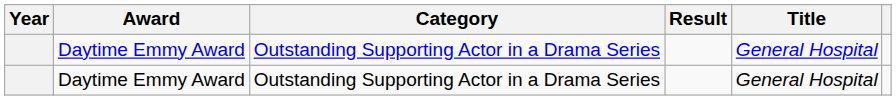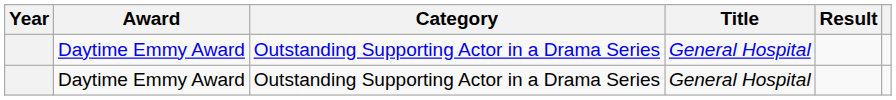 <table class="wikitable sortable plainrowheaders">
 <tr>
 <th scope="col">Year</th>
 <th scope="col">Award</th>
 <th scope="col">Category</th>
+<th scope="col">Title</th>
 <th scope="col">Result</th>
-<th scope="col">Title</th>
 <th scope="col" class="unsortable"></th>
 </tr>
 <tr>
 <th scope="row"></th>
 <td><a href='#'>Daytime Emmy Award</a></td>
 <td><a href='#'>Outstanding Supporting Actor in a Drama Series</a></td>
+<td><em><a href='#'>General Hospital</a></em></td>
 <td></td>
-<td><em><a href='#'>General Hospital</a></em></td>
 <td></td>
 </tr>
 <tr>
 <th scope="row"></th>
 <td>Daytime Emmy Award</td>
 <td>Outstanding Supporting Actor in a Drama Series</td>
+<td><em>General Hospital</em></td>
 <td></td>
-<td><em>General Hospital</em></td>
 <td></td>
 </tr>
 </table>
